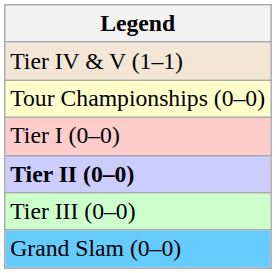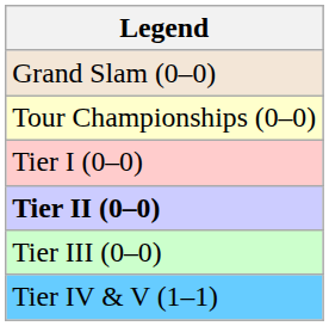 <table class="wikitable sortable mw-collapsible mw-collapsed">
 <tr>
 <th>Legend</th>
 </tr>
 <tr style="background:#f3e6d7;">
-<td>Tier IV & V (1–1)</td>
+<td>Grand Slam (0–0)</td>
 </tr>
 <tr style="background:#ffc;">
 <td>Tour Championships (0–0)</td>
 </tr>
 <tr bgcolor="#FFCCCC">
 <td>Tier I (0–0)</td>
 </tr>
 <tr bgcolor="#CCCCFF">
 <td><strong>Tier II (0–0)</strong></td>
 </tr>
 <tr bgcolor="#CCFFCC">
 <td>Tier III (0–0)</td>
 </tr>
 <tr bgcolor="#66CCFF">
-<td>Grand Slam (0–0)</td>
+<td>Tier IV & V (1–1)</td>
 </tr>
 </table>
